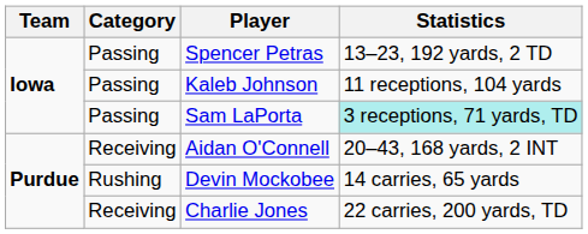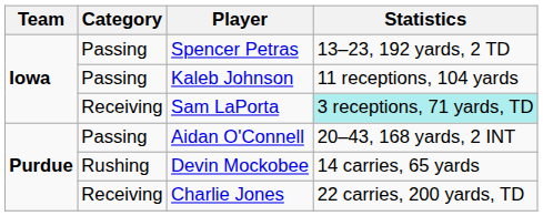 <table class="wikitable" style="float: left;">
 <tr>
 <th>Team</th>
 <th>Category</th>
 <th>Player</th>
 <th>Statistics</th>
 </tr>
 <tr>
 <td rowspan=3><strong>Iowa</strong></td>
 <td>Passing</td>
 <td><a href='#'>Spencer Petras</a></td>
 <td>13–23, 192 yards, 2 TD</td>
 </tr>
 <tr>
 <td>Passing</td>
 <td><a href='#'>Kaleb Johnson</a></td>
 <td>11 receptions, 104 yards</td>
 </tr>
 <tr>
-<td>Passing</td>
+<td>Receiving</td>
 <td><a href='#'>Sam LaPorta</a></td>
 <td style="background: paleturquoise;">3 receptions, 71 yards, TD</td>
 </tr>
 <tr>
 <td rowspan=3><strong>Purdue</strong></td>
-<td>Receiving</td>
+<td>Passing</td>
 <td><a href='#'>Aidan O'Connell</a></td>
 <td>20–43, 168 yards, 2 INT</td>
 </tr>
 <tr>
 <td>Rushing</td>
 <td><a href='#'>Devin Mockobee</a></td>
 <td>14 carries, 65 yards</td>
 </tr>
 <tr>
 <td>Receiving</td>
 <td><a href='#'>Charlie Jones</a></td>
 <td>22 carries, 200 yards, TD</td>
 </tr>
 </table>
